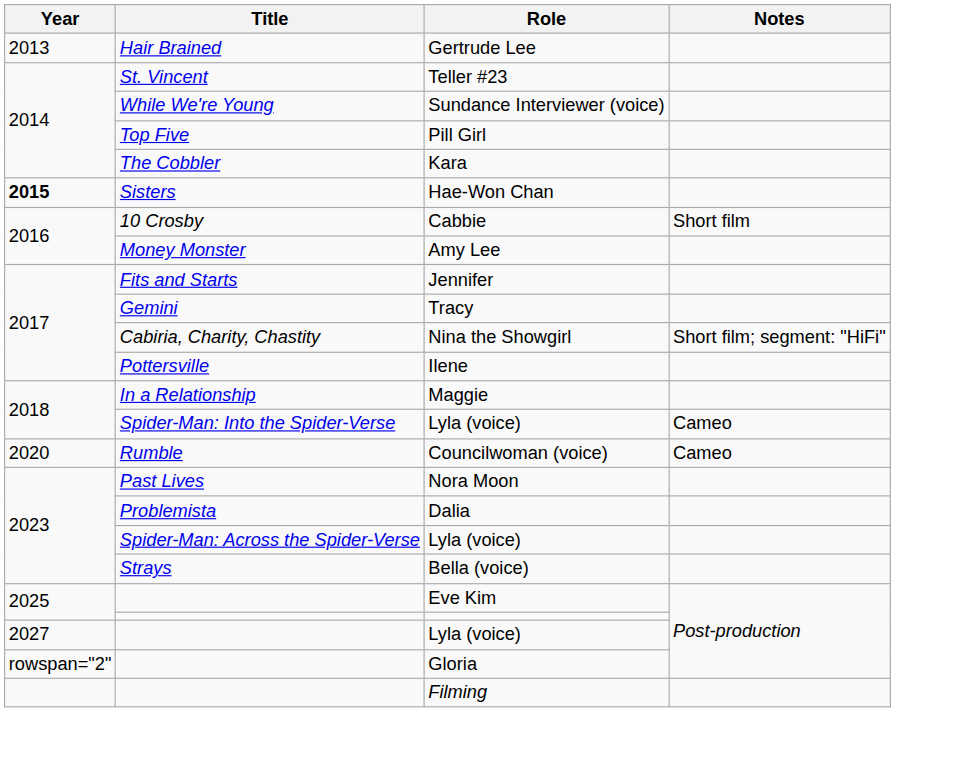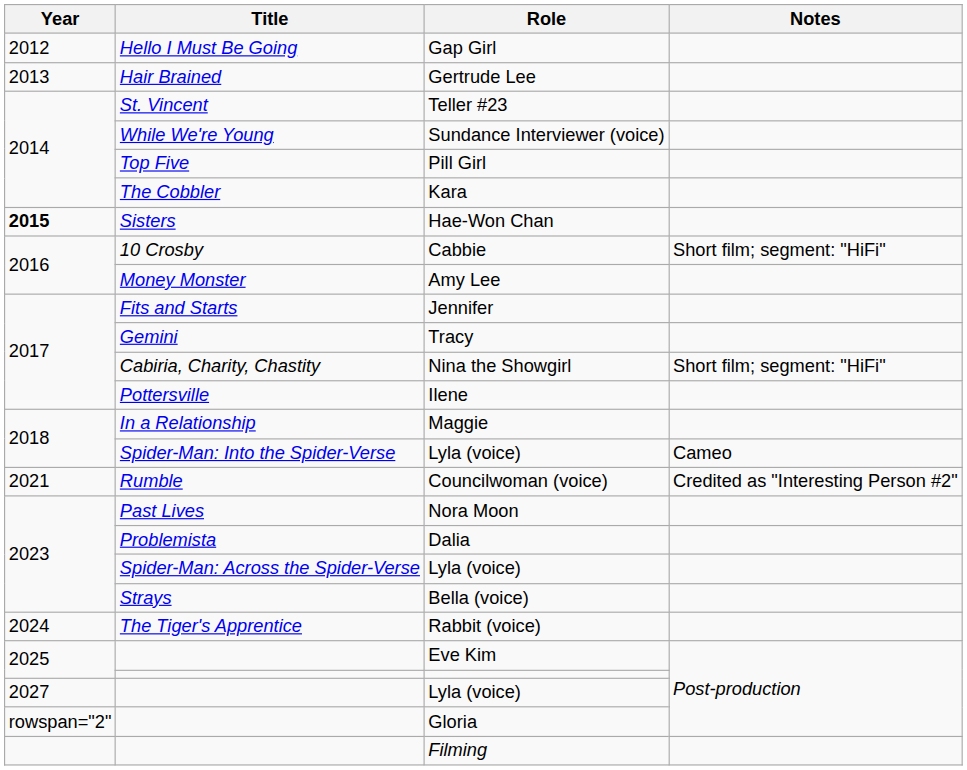 <table class = "wikitable sortable">
 <tr>
 <th>Year</th>
 <th>Title</th>
 <th>Role</th>
 <th>Notes</th>
+</tr>
+<tr>
+<td>2012</td>
+<td><em><a href='#'>Hello I Must Be Going</a></em></td>
+<td>Gap Girl</td>
+<td></td>
 </tr>
 <tr>
 <td>2013</td>
 <td><em><a href='#'>Hair Brained</a></em></td>
 <td>Gertrude Lee</td>
 <td></td>
 </tr>
 <tr>
 <td rowspan="4">2014</td>
 <td><em><a href='#'>St. Vincent</a></em></td>
 <td>Teller #23</td>
 <td></td>
 </tr>
 <tr>
 <td><em><a href='#'>While We're Young</a></em></td>
 <td>Sundance Interviewer (voice)</td>
 <td></td>
 </tr>
 <tr>
 <td><em><a href='#'>Top Five</a></em></td>
 <td>Pill Girl</td>
 <td></td>
 </tr>
 <tr>
 <td><em><a href='#'>The Cobbler</a></em></td>
 <td>Kara</td>
 <td></td>
 </tr>
 <tr>
 <td><strong>2015</strong></td>
 <td><em><a href='#'>Sisters</a></em></td>
 <td>Hae-Won Chan</td>
 <td></td>
 </tr>
 <tr>
 <td rowspan="2">2016</td>
 <td><em>10 Crosby</em></td>
 <td>Cabbie</td>
-<td>Short film</td>
+<td>Short film; segment: "HiFi"</td>
 </tr>
 <tr>
 <td><em><a href='#'>Money Monster</a></em></td>
 <td>Amy Lee</td>
 <td></td>
 </tr>
 <tr>
 <td rowspan="4">2017</td>
 <td><em><a href='#'>Fits and Starts</a></em></td>
 <td>Jennifer</td>
 <td></td>
 </tr>
 <tr>
 <td><em><a href='#'>Gemini</a></em></td>
 <td>Tracy</td>
 <td></td>
 </tr>
 <tr>
 <td><em>Cabiria, Charity, Chastity</em></td>
 <td>Nina the Showgirl</td>
 <td>Short film; segment: "HiFi"</td>
 </tr>
 <tr>
 <td><em><a href='#'>Pottersville</a></em></td>
 <td>Ilene</td>
 <td></td>
 </tr>
 <tr>
 <td rowspan="2">2018</td>
 <td><em><a href='#'>In a Relationship</a></em></td>
 <td>Maggie</td>
 <td></td>
 </tr>
 <tr>
 <td><em><a href='#'>Spider-Man: Into the Spider-Verse</a></em></td>
 <td>Lyla (voice)</td>
 <td>Cameo</td>
 </tr>
 <tr>
-<td>2020</td>
+<td>2021</td>
 <td><em><a href='#'>Rumble</a></em></td>
 <td>Councilwoman (voice)</td>
-<td>Cameo</td>
+<td>Credited as "Interesting Person #2"</td>
 </tr>
 <tr>
 <td rowspan="4">2023</td>
 <td><em><a href='#'>Past Lives</a></em></td>
 <td>Nora Moon</td>
 <td></td>
 </tr>
 <tr>
 <td><em><a href='#'>Problemista</a></em></td>
 <td>Dalia</td>
 <td></td>
 </tr>
 <tr>
 <td><em><a href='#'>Spider-Man: Across the Spider-Verse</a></em></td>
 <td>Lyla (voice)</td>
 <td></td>
 </tr>
 <tr>
 <td><em><a href='#'>Strays</a></em></td>
 <td>Bella (voice)</td>
+<td></td>
+</tr>
+<tr>
+<td>2024</td>
+<td><em><a href='#'>The Tiger's Apprentice</a></em></td>
+<td>Rabbit (voice)</td>
 <td></td>
 </tr>
 <tr>
 <td rowspan="2">2025</td>
 <td></td>
 <td>Eve Kim</td>
 <td rowspan="4"><em>Post-production</em></td>
 </tr>
 <tr>
 <td></td>
 <td></td>
 </tr>
 <tr>
 <td>2027</td>
 <td></td>
 <td>Lyla (voice)</td>
 </tr>
 <tr>
 <td>rowspan="2" </td>
 <td></td>
 <td>Gloria</td>
 </tr>
 <tr>
 <td></td>
 <td></td>
 <td><em>Filming</em></td>
 </tr>
 </table>
